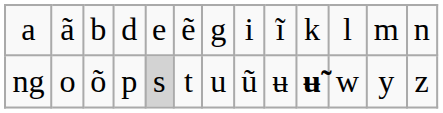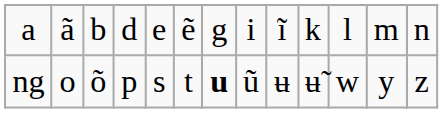 <table class="wikitable" style="text-align: center;">
 <tr>
 <td>a</td>
 <td>ã</td>
 <td>b</td>
 <td>d</td>
 <td>e</td>
 <td>ẽ</td>
 <td>g</td>
 <td>i</td>
 <td>ĩ</td>
 <td>k</td>
 <td>l</td>
 <td>m</td>
 <td>n</td>
 </tr>
 <tr>
 <td>ng</td>
 <td>o</td>
 <td>õ</td>
 <td>p</td>
-<td style="background: lightgrey;">s</td>
+<td>s</td>
 <td>t</td>
-<td>u</td>
+<td><strong>u</strong></td>
 <td>ũ</td>
 <td>ʉ</td>
-<td><strong>ʉ̃</strong></td>
+<td>ʉ̃</td>
 <td>w</td>
 <td>y</td>
 <td>z</td>
 </tr>
 </table>
